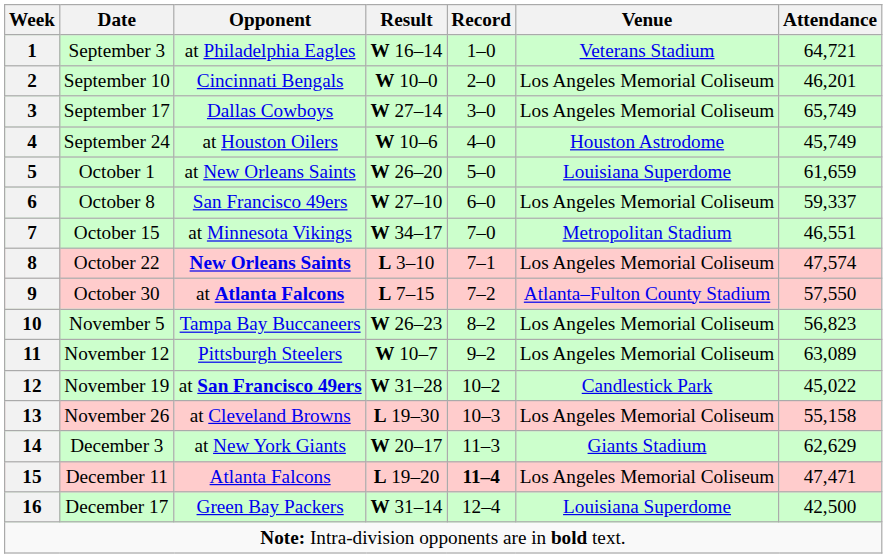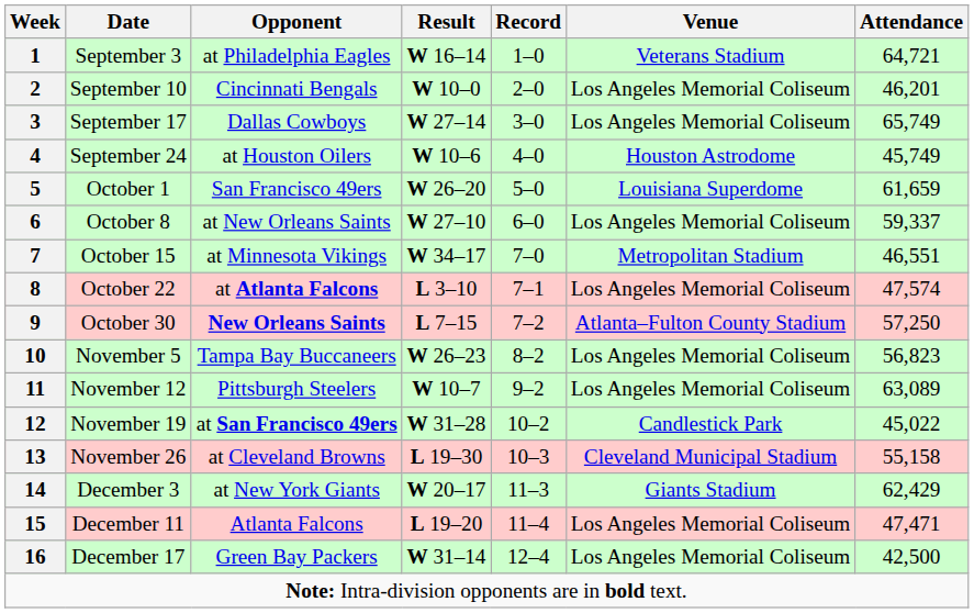 <table class="wikitable" style="text-align:center">
 <tr>
 <th>Week</th>
 <th>Date</th>
 <th>Opponent</th>
 <th>Result</th>
 <th>Record</th>
 <th>Venue</th>
 <th>Attendance</th>
 </tr>
 <tr style="background:#cfc">
 <th>1</th>
 <td>September 3</td>
 <td>at <a href='#'>Philadelphia Eagles</a></td>
 <td><strong>W</strong> 16–14</td>
 <td>1–0</td>
 <td><a href='#'>Veterans Stadium</a></td>
 <td>64,721</td>
 </tr>
 <tr style="background:#cfc">
 <th>2</th>
 <td>September 10</td>
 <td><a href='#'>Cincinnati Bengals</a></td>
 <td><strong>W</strong> 10–0</td>
 <td>2–0</td>
 <td>Los Angeles Memorial Coliseum</td>
 <td>46,201</td>
 </tr>
 <tr style="background:#cfc">
 <th>3</th>
 <td>September 17</td>
 <td><a href='#'>Dallas Cowboys</a></td>
 <td><strong>W</strong> 27–14</td>
 <td>3–0</td>
 <td>Los Angeles Memorial Coliseum</td>
 <td>65,749</td>
 </tr>
 <tr style="background:#cfc">
 <th>4</th>
 <td>September 24</td>
 <td>at <a href='#'>Houston Oilers</a></td>
 <td><strong>W</strong> 10–6</td>
 <td>4–0</td>
 <td><a href='#'>Houston Astrodome</a></td>
 <td>45,749</td>
 </tr>
 <tr style="background:#cfc">
 <th>5</th>
 <td>October 1</td>
-<td>at <a href='#'>New Orleans Saints</a></td>
+<td><a href='#'>San Francisco 49ers</a></td>
 <td><strong>W</strong> 26–20</td>
 <td>5–0</td>
 <td><a href='#'>Louisiana Superdome</a></td>
 <td>61,659</td>
 </tr>
 <tr style="background:#cfc">
 <th>6</th>
 <td>October 8</td>
-<td><a href='#'>San Francisco 49ers</a></td>
+<td>at <a href='#'>New Orleans Saints</a></td>
 <td><strong>W</strong> 27–10</td>
 <td>6–0</td>
 <td>Los Angeles Memorial Coliseum</td>
 <td>59,337</td>
 </tr>
 <tr style="background:#cfc">
 <th>7</th>
 <td>October 15</td>
 <td>at <a href='#'>Minnesota Vikings</a></td>
 <td><strong>W</strong> 34–17</td>
 <td>7–0</td>
 <td><a href='#'>Metropolitan Stadium</a></td>
 <td>46,551</td>
 </tr>
 <tr style="background:#fcc">
 <th>8</th>
 <td>October 22</td>
-<td><strong><a href='#'>New Orleans Saints</a></strong></td>
+<td>at <strong><a href='#'>Atlanta Falcons</a></strong></td>
 <td><strong>L</strong> 3–10</td>
 <td>7–1</td>
 <td>Los Angeles Memorial Coliseum</td>
 <td>47,574</td>
 </tr>
 <tr style="background:#fcc">
 <th>9</th>
 <td>October 30</td>
-<td>at <strong><a href='#'>Atlanta Falcons</a></strong></td>
+<td><strong><a href='#'>New Orleans Saints</a></strong></td>
 <td><strong>L</strong> 7–15</td>
 <td>7–2</td>
 <td><a href='#'>Atlanta–Fulton County Stadium</a></td>
-<td>57,550</td>
+<td>57,250</td>
 </tr>
 <tr style="background:#cfc">
 <th>10</th>
 <td>November 5</td>
 <td><a href='#'>Tampa Bay Buccaneers</a></td>
 <td><strong>W</strong> 26–23</td>
 <td>8–2</td>
 <td>Los Angeles Memorial Coliseum</td>
 <td>56,823</td>
 </tr>
 <tr style="background:#cfc">
 <th>11</th>
 <td>November 12</td>
 <td><a href='#'>Pittsburgh Steelers</a></td>
 <td><strong>W</strong> 10–7</td>
 <td>9–2</td>
 <td>Los Angeles Memorial Coliseum</td>
 <td>63,089</td>
 </tr>
 <tr style="background:#cfc">
 <th>12</th>
 <td>November 19</td>
 <td>at <strong><a href='#'>San Francisco 49ers</a></strong></td>
 <td><strong>W</strong> 31–28</td>
 <td>10–2</td>
 <td><a href='#'>Candlestick Park</a></td>
 <td>45,022</td>
 </tr>
 <tr style="background:#fcc">
 <th>13</th>
 <td>November 26</td>
 <td>at <a href='#'>Cleveland Browns</a></td>
 <td><strong>L</strong> 19–30</td>
 <td>10–3</td>
-<td>Los Angeles Memorial Coliseum</td>
+<td><a href='#'>Cleveland Municipal Stadium</a></td>
 <td>55,158</td>
 </tr>
 <tr style="background:#cfc">
 <th>14</th>
 <td>December 3</td>
 <td>at <a href='#'>New York Giants</a></td>
 <td><strong>W</strong> 20–17</td>
 <td>11–3</td>
 <td><a href='#'>Giants Stadium</a></td>
-<td>62,629</td>
+<td>62,429</td>
 </tr>
 <tr style="background:#fcc">
 <th>15</th>
 <td>December 11</td>
 <td><a href='#'>Atlanta Falcons</a></td>
 <td><strong>L</strong> 19–20</td>
-<td><strong>11–4</strong></td>
+<td>11–4</td>
 <td>Los Angeles Memorial Coliseum</td>
 <td>47,471</td>
 </tr>
 <tr style="background:#cfc">
 <th>16</th>
 <td>December 17</td>
 <td><a href='#'>Green Bay Packers</a></td>
 <td><strong>W</strong> 31–14</td>
 <td>12–4</td>
-<td><a href='#'>Louisiana Superdome</a></td>
+<td>Los Angeles Memorial Coliseum</td>
 <td>42,500</td>
 </tr>
 <tr>
 <td colspan="8"><strong>Note:</strong> Intra-division opponents are in <strong>bold</strong> text.</td>
 </tr>
 </table>
